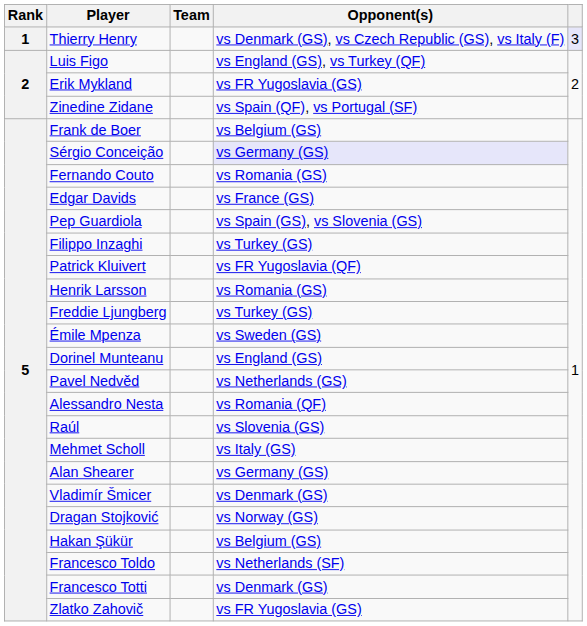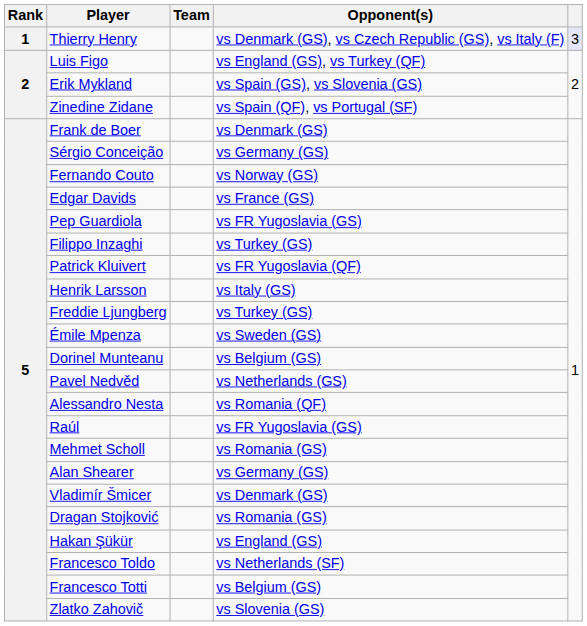 <table class="wikitable sortable">
 <tr>
 <th>Rank</th>
 <th>Player</th>
 <th>Team</th>
 <th class="unsortable">Opponent(s)</th>
 <th></th>
 </tr>
 <tr>
 <th>1</th>
 <td data-sort-value="Henry, Thierry"><a href='#'>Thierry Henry</a></td>
 <td></td>
 <td><a href='#'>vs Denmark (GS)</a>, <a href='#'>vs Czech Republic (GS)</a>, <a href='#'>vs Italy (F)</a></td>
 <td style="background: lavender; text-align:center">3</td>
 </tr>
 <tr>
 <th rowspan="3">2</th>
 <td data-sort-value="Figo, Luis"><a href='#'>Luis Figo</a></td>
 <td></td>
 <td><a href='#'>vs England (GS)</a>, <a href='#'>vs Turkey (QF)</a></td>
 <td rowspan="3" style="text-align:center">2</td>
 </tr>
 <tr>
 <td data-sort-value="Mykland, Erik"><a href='#'>Erik Mykland</a></td>
 <td></td>
-<td><a href='#'>vs FR Yugoslavia (GS)</a></td>
+<td><a href='#'>vs Spain (GS)</a>, <a href='#'>vs Slovenia (GS)</a></td>
 </tr>
 <tr>
 <td data-sort-value="Zidane, Zinedine"><a href='#'>Zinedine Zidane</a></td>
 <td></td>
 <td><a href='#'>vs Spain (QF)</a>, <a href='#'>vs Portugal (SF)</a></td>
 </tr>
 <tr>
 <th rowspan="22">5</th>
 <td data-sort-value="Boer, Frank de"><a href='#'>Frank de Boer</a></td>
 <td></td>
-<td><a href='#'>vs Belgium (GS)</a></td>
+<td><a href='#'>vs Denmark (GS)</a></td>
 <td rowspan="22" style="text-align:center">1</td>
 </tr>
 <tr>
 <td data-sort-value="Conceição, Sérgio"><a href='#'>Sérgio Conceição</a></td>
 <td></td>
-<td style="background: lavender;"><a href='#'>vs Germany (GS)</a></td>
+<td><a href='#'>vs Germany (GS)</a></td>
 </tr>
 <tr>
 <td data-sort-value="Couto, Fernando"><a href='#'>Fernando Couto</a></td>
 <td></td>
-<td><a href='#'>vs Romania (GS)</a></td>
+<td><a href='#'>vs Norway (GS)</a></td>
 </tr>
 <tr>
 <td data-sort-value="Edgar, Davids"><a href='#'>Edgar Davids</a></td>
 <td></td>
 <td><a href='#'>vs France (GS)</a></td>
 </tr>
 <tr>
 <td data-sort-value="Guardiola, Pep"><a href='#'>Pep Guardiola</a></td>
 <td></td>
-<td><a href='#'>vs Spain (GS)</a>, <a href='#'>vs Slovenia (GS)</a></td>
+<td><a href='#'>vs FR Yugoslavia (GS)</a></td>
 </tr>
 <tr>
 <td data-sort-value="Inzaghi, Filippo"><a href='#'>Filippo Inzaghi</a></td>
 <td></td>
 <td><a href='#'>vs Turkey (GS)</a></td>
 </tr>
 <tr>
 <td data-sort-value="Kluivert, Patrick"><a href='#'>Patrick Kluivert</a></td>
 <td></td>
 <td><a href='#'>vs FR Yugoslavia (QF)</a></td>
 </tr>
 <tr>
 <td data-sort-value="Larsson, Henrik"><a href='#'>Henrik Larsson</a></td>
 <td></td>
-<td><a href='#'>vs Romania (GS)</a></td>
+<td><a href='#'>vs Italy (GS)</a></td>
 </tr>
 <tr>
 <td data-sort-value="Ljungberg, Freddie"><a href='#'>Freddie Ljungberg</a></td>
 <td></td>
 <td><a href='#'>vs Turkey (GS)</a></td>
 </tr>
 <tr>
 <td data-sort-value="Mpenza, Émile"><a href='#'>Émile Mpenza</a></td>
 <td></td>
 <td><a href='#'>vs Sweden (GS)</a></td>
 </tr>
 <tr>
 <td data-sort-value="Munteanu, Dorinel"><a href='#'>Dorinel Munteanu</a></td>
 <td></td>
-<td><a href='#'>vs England (GS)</a></td>
+<td><a href='#'>vs Belgium (GS)</a></td>
 </tr>
 <tr>
 <td data-sort-value="Nedvěd, Pavel"><a href='#'>Pavel Nedvěd</a></td>
 <td></td>
 <td><a href='#'>vs Netherlands (GS)</a></td>
 </tr>
 <tr>
 <td data-sort-value="Nesta, Alessandro"><a href='#'>Alessandro Nesta</a></td>
 <td></td>
 <td><a href='#'>vs Romania (QF)</a></td>
 </tr>
 <tr>
 <td data-sort-value="Raúl"><a href='#'>Raúl</a></td>
 <td></td>
-<td><a href='#'>vs Slovenia (GS)</a></td>
+<td><a href='#'>vs FR Yugoslavia (GS)</a></td>
 </tr>
 <tr>
 <td data-sort-value="Scholl, Mehmet"><a href='#'>Mehmet Scholl</a></td>
 <td></td>
-<td><a href='#'>vs Italy (GS)</a></td>
+<td><a href='#'>vs Romania (GS)</a></td>
 </tr>
 <tr>
 <td data-sort-value="Shearer, Alan"><a href='#'>Alan Shearer</a></td>
 <td></td>
 <td><a href='#'>vs Germany (GS)</a></td>
 </tr>
 <tr>
 <td data-sort-value="Šmicer, Vladimír"><a href='#'>Vladimír Šmicer</a></td>
 <td></td>
 <td><a href='#'>vs Denmark (GS)</a></td>
 </tr>
 <tr>
 <td data-sort-value="Stojković, Dragan"><a href='#'>Dragan Stojković</a></td>
 <td></td>
-<td><a href='#'>vs Norway (GS)</a></td>
+<td><a href='#'>vs Romania (GS)</a></td>
 </tr>
 <tr>
 <td data-sort-value="Şükür, Hakan"><a href='#'>Hakan Şükür</a></td>
 <td></td>
-<td><a href='#'>vs Belgium (GS)</a></td>
+<td><a href='#'>vs England (GS)</a></td>
 </tr>
 <tr>
 <td data-sort-value="Toldo, Francesco"><a href='#'>Francesco Toldo</a></td>
 <td></td>
 <td><a href='#'>vs Netherlands (SF)</a></td>
 </tr>
 <tr>
 <td data-sort-value="Totti, Francesco"><a href='#'>Francesco Totti</a></td>
 <td></td>
-<td><a href='#'>vs Denmark (GS)</a></td>
+<td><a href='#'>vs Belgium (GS)</a></td>
 </tr>
 <tr>
 <td data-sort-value="Zahovič, Zlatko"><a href='#'>Zlatko Zahovič</a></td>
 <td></td>
-<td><a href='#'>vs FR Yugoslavia (GS)</a></td>
+<td><a href='#'>vs Slovenia (GS)</a></td>
 </tr>
 </table>
